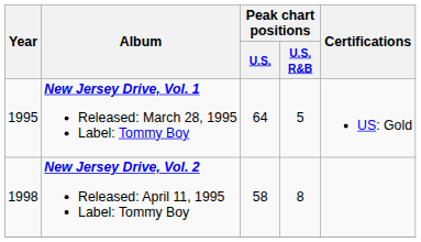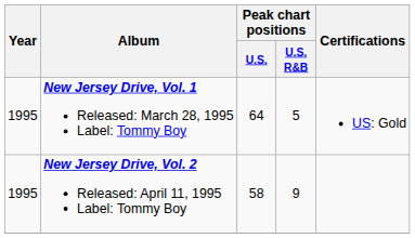 <table class="wikitable">
 <tr>
 <th rowspan="2">Year</th>
 <th rowspan="2">Album</th>
 <th colspan="2">Peak chart positions</th>
 <th rowspan="2">Certifications</th>
 </tr>
 <tr>
 <th width=40><small><a href='#'>U.S.</a></small></th>
 <th width=40><small><a href='#'>U.S. R&B</a></small></th>
 </tr>
 <tr>
 <td>1995</td>
 <td><strong><em><a href='#'>New Jersey Drive, Vol. 1</a></em></strong><br><ul><li>Released: March 28, 1995</li><li>Label: <a href='#'>Tommy Boy</a></li></ul></td>
 <td align="center">64</td>
 <td align="center">5</td>
 <td><br><ul><li><a href='#'>US</a>: Gold</li></ul></td>
 </tr>
 <tr>
-<td>1998</td>
+<td>1995</td>
 <td><strong><em><a href='#'>New Jersey Drive, Vol. 2</a></em></strong><br><ul><li>Released: April 11, 1995</li><li>Label: Tommy Boy</li></ul></td>
 <td align="center">58</td>
-<td align="center">8</td>
+<td align="center">9</td>
 <td></td>
 </tr>
 <tr>
 </tr>
 </table>
